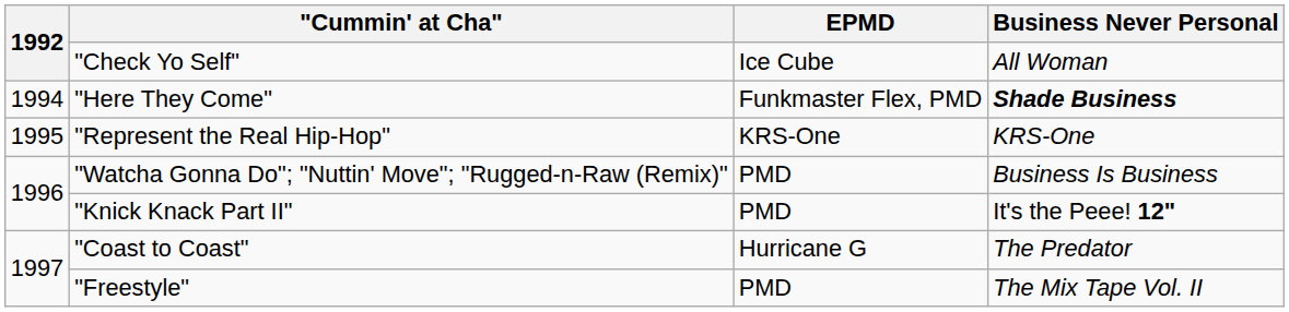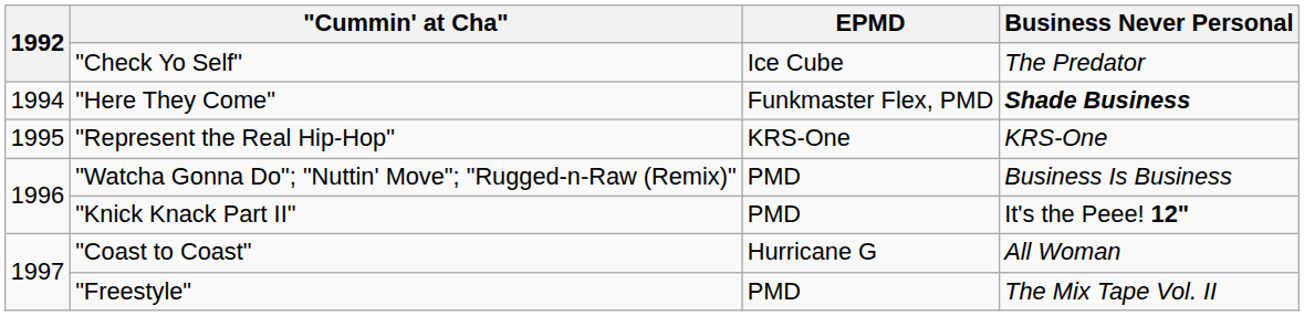 <table class="wikitable">
 <tr>
 <th rowspan="2">1992</th>
 <th>"Cummin' at Cha"</th>
 <th>EPMD</th>
 <th>Business Never Personal</th>
 </tr>
 <tr>
 <td>"Check Yo Self"</td>
 <td>Ice Cube</td>
-<td><em>All Woman</em></td>
+<td><em>The Predator</em></td>
 </tr>
 <tr>
 <td>1994</td>
 <td>"Here They Come"</td>
 <td>Funkmaster Flex, PMD</td>
 <td><strong><em>Shade Business</em></strong></td>
 </tr>
 <tr>
 <td>1995</td>
 <td>"Represent the Real Hip-Hop"</td>
 <td>KRS-One</td>
 <td><em>KRS-One</em></td>
 </tr>
 <tr>
 <td rowspan="2">1996</td>
 <td>"Watcha Gonna Do"; "Nuttin' Move"; "Rugged-n-Raw (Remix)"</td>
 <td>PMD</td>
 <td><em>Business Is Business</em></td>
 </tr>
 <tr>
 <td>"Knick Knack Part II"</td>
 <td>PMD</td>
 <td>It's the Peee! <strong>12"</strong></td>
 </tr>
 <tr>
 <td rowspan="2">1997</td>
 <td>"Coast to Coast"</td>
 <td>Hurricane G</td>
-<td><em>The Predator</em></td>
+<td><em>All Woman</em></td>
 </tr>
 <tr>
 <td>"Freestyle"</td>
 <td>PMD</td>
 <td><em>The Mix Tape Vol. II</em></td>
 </tr>
 </table>
